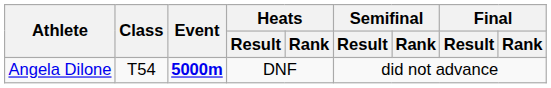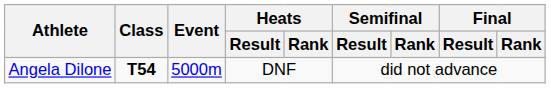 <table class=wikitable style="font-size:90%">
 <tr>
 <th rowspan="2">Athlete</th>
 <th rowspan="2">Class</th>
 <th rowspan="2">Event</th>
 <th colspan="2">Heats</th>
 <th colspan="2">Semifinal</th>
 <th colspan="2">Final</th>
 </tr>
 <tr>
 <th>Result</th>
 <th>Rank</th>
 <th>Result</th>
 <th>Rank</th>
 <th>Result</th>
 <th>Rank</th>
 </tr>
 <tr>
 <td><a href='#'>Angela Dilone</a></td>
-<td style="text-align:center;">T54</td>
-<td><strong><a href='#'>5000m</a></strong></td>
+<td style="text-align:center;"><strong>T54</strong></td>
+<td><a href='#'>5000m</a></td>
 <td style="text-align:center;" colspan="2">DNF</td>
 <td style="text-align:center;" colspan="4">did not advance</td>
 </tr>
 </table>
